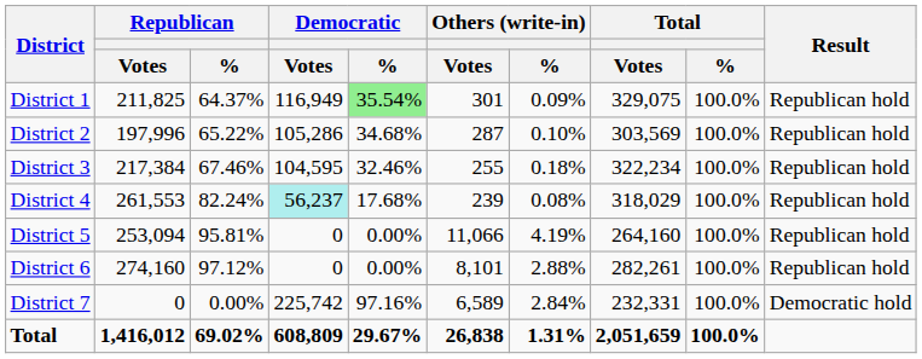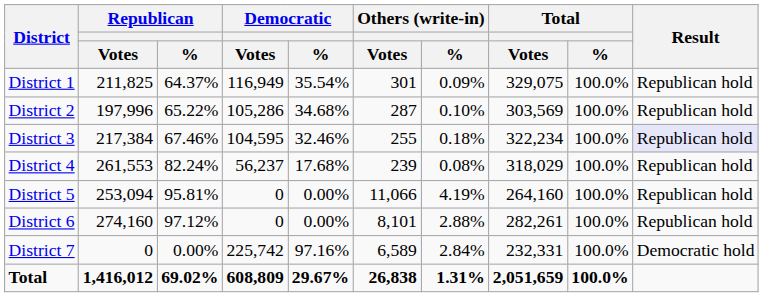 <table class="wikitable plainrowheaders sortable" style="font-size:100%; text-align:right;">
 <tr>
 <th scope=col rowspan=3><a href='#'>District</a></th>
 <th scope=col colspan=2><a href='#'>Republican</a></th>
 <th scope=col colspan=2><a href='#'>Democratic</a></th>
 <th scope=col colspan=2>Others (write-in)</th>
 <th scope=col colspan=2>Total</th>
 <th scope=col rowspan=3>Result</th>
 </tr>
 <tr>
 <th scope=col colspan=2 style="background:"></th>
 <th scope=col colspan=2 style="background:"></th>
 <th scope=col colspan=2></th>
 <th scope=col colspan=2></th>
 </tr>
 <tr>
 <th scope=col data-sort-type="number">Votes</th>
 <th scope=col data-sort-type="number">%</th>
 <th scope=col data-sort-type="number">Votes</th>
 <th scope=col data-sort-type="number">%</th>
 <th scope=col data-sort-type="number">Votes</th>
 <th scope=col data-sort-type="number">%</th>
 <th scope=col data-sort-type="number">Votes</th>
 <th scope=col data-sort-type="number">%</th>
 </tr>
 <tr>
 <td align=left><a href='#'>District 1</a></td>
 <td>211,825</td>
 <td>64.37%</td>
 <td>116,949</td>
-<td style="background: lightgreen;">35.54%</td>
+<td>35.54%</td>
 <td>301</td>
 <td>0.09%</td>
 <td>329,075</td>
 <td>100.0%</td>
 <td align=left>Republican hold</td>
 </tr>
 <tr>
 <td align=left><a href='#'>District 2</a></td>
 <td>197,996</td>
 <td>65.22%</td>
 <td>105,286</td>
 <td>34.68%</td>
 <td>287</td>
 <td>0.10%</td>
 <td>303,569</td>
 <td>100.0%</td>
 <td align=left>Republican hold</td>
 </tr>
 <tr>
 <td align=left><a href='#'>District 3</a></td>
 <td>217,384</td>
 <td>67.46%</td>
 <td>104,595</td>
 <td>32.46%</td>
 <td>255</td>
 <td>0.18%</td>
 <td>322,234</td>
 <td>100.0%</td>
-<td align=left>Republican hold</td>
+<td align=left style="background: lavender;">Republican hold</td>
 </tr>
 <tr>
 <td align=left><a href='#'>District 4</a></td>
 <td>261,553</td>
 <td>82.24%</td>
-<td style="background: paleturquoise;">56,237</td>
+<td>56,237</td>
 <td>17.68%</td>
 <td>239</td>
 <td>0.08%</td>
 <td>318,029</td>
 <td>100.0%</td>
 <td align=left>Republican hold</td>
 </tr>
 <tr>
 <td align=left><a href='#'>District 5</a></td>
 <td>253,094</td>
 <td>95.81%</td>
 <td>0</td>
 <td>0.00%</td>
 <td>11,066</td>
 <td>4.19%</td>
 <td>264,160</td>
 <td>100.0%</td>
 <td align=left>Republican hold</td>
 </tr>
 <tr>
 <td align=left><a href='#'>District 6</a></td>
 <td>274,160</td>
 <td>97.12%</td>
 <td>0</td>
 <td>0.00%</td>
 <td>8,101</td>
 <td>2.88%</td>
 <td>282,261</td>
 <td>100.0%</td>
 <td align=left>Republican hold</td>
 </tr>
 <tr>
 <td align=left><a href='#'>District 7</a></td>
 <td>0</td>
 <td>0.00%</td>
 <td>225,742</td>
 <td>97.16%</td>
 <td>6,589</td>
 <td>2.84%</td>
 <td>232,331</td>
 <td>100.0%</td>
 <td align=left>Democratic hold</td>
 </tr>
 <tr class="sortbottom" style="font-weight:bold">
 <td align=left>Total</td>
 <td>1,416,012</td>
 <td>69.02%</td>
 <td>608,809</td>
 <td>29.67%</td>
 <td>26,838</td>
 <td>1.31%</td>
 <td>2,051,659</td>
 <td>100.0%</td>
 <td></td>
 </tr>
 </table>
